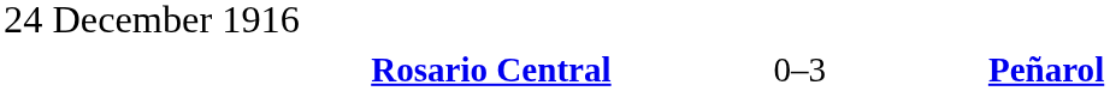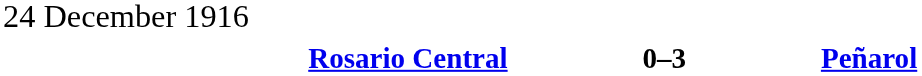 <table width=100% cellspacing=1>
 <tr>
 <th width=20%></th>
 <th width=12%></th>
 <th width=20%></th>
 <th></th>
 </tr>
 <tr>
 <td>24 December 1916</td>
 </tr>
 <tr style=font-size:90%>
 <td align=right><strong> <a href='#'>Rosario Central</a></strong></td>
-<td align=center>0–3</td>
+<td align=center><strong>0–3</strong></td>
 <td><strong> <a href='#'>Peñarol</a></strong></td>
 <td></td>
 </tr>
 <tr>
 </tr>
 </table>
